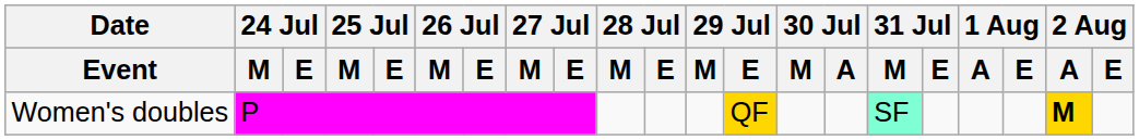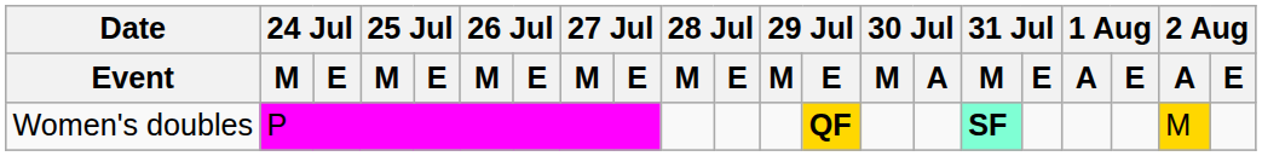 <table class="wikitable olympic-schedule Badminton">
 <tr>
 <th>Date</th>
 <th colspan="2">24 Jul</th>
 <th colspan="2">25 Jul</th>
 <th colspan="2">26 Jul</th>
 <th colspan="2">27 Jul</th>
 <th colspan="2">28 Jul</th>
 <th colspan="2">29 Jul</th>
 <th colspan="2">30 Jul</th>
 <th colspan="2">31 Jul</th>
 <th colspan="2">1 Aug</th>
 <th colspan="2">2 Aug</th>
 </tr>
 <tr>
 <th>Event</th>
 <th>M</th>
 <th>E</th>
 <th>M</th>
 <th>E</th>
 <th>M</th>
 <th>E</th>
 <th>M</th>
 <th>E</th>
 <th>M</th>
 <th>E</th>
 <th>M</th>
 <th>E</th>
 <th>M</th>
 <th>A</th>
 <th>M</th>
 <th>E</th>
 <th>A</th>
 <th>E</th>
 <th>A</th>
 <th>E</th>
 </tr>
 <tr>
 <td class="event">Women's doubles</td>
 <td colspan=8 bgcolor="#FF00FF" class="prelims">P</td>
 <td></td>
 <td></td>
 <td></td>
-<td bgcolor="#FFD700" bgcolor="#48D1CC">QF</td>
+<td bgcolor="#FFD700" bgcolor="#48D1CC"><strong>QF</strong></td>
 <td></td>
 <td></td>
-<td bgcolor="#7FFFD4" class="semifinals">SF</td>
+<td bgcolor="#7FFFD4" class="semifinals"><strong>SF</strong></td>
 <td></td>
 <td></td>
 <td></td>
-<td bgcolor="gold" class="finals"><strong>M</strong></td>
+<td bgcolor="gold" class="finals">M</td>
 <td></td>
 </tr>
 </table>
